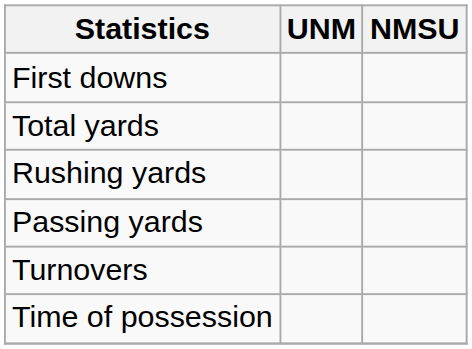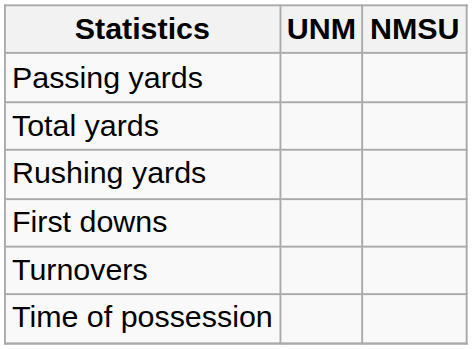 <table class="wikitable" style="float: left;">
 <tr>
 <th>Statistics</th>
 <th>UNM</th>
 <th>NMSU</th>
 </tr>
 <tr>
-<td>First downs</td>
+<td>Passing yards</td>
 <td></td>
 <td></td>
 </tr>
 <tr>
 <td>Total yards</td>
 <td></td>
 <td></td>
 </tr>
 <tr>
 <td>Rushing yards</td>
 <td></td>
 <td></td>
 </tr>
 <tr>
-<td>Passing yards</td>
+<td>First downs</td>
 <td></td>
 <td></td>
 </tr>
 <tr>
 <td>Turnovers</td>
 <td></td>
 <td></td>
 </tr>
 <tr>
 <td>Time of possession</td>
 <td></td>
 <td></td>
 </tr>
 <tr>
 </tr>
 </table>
